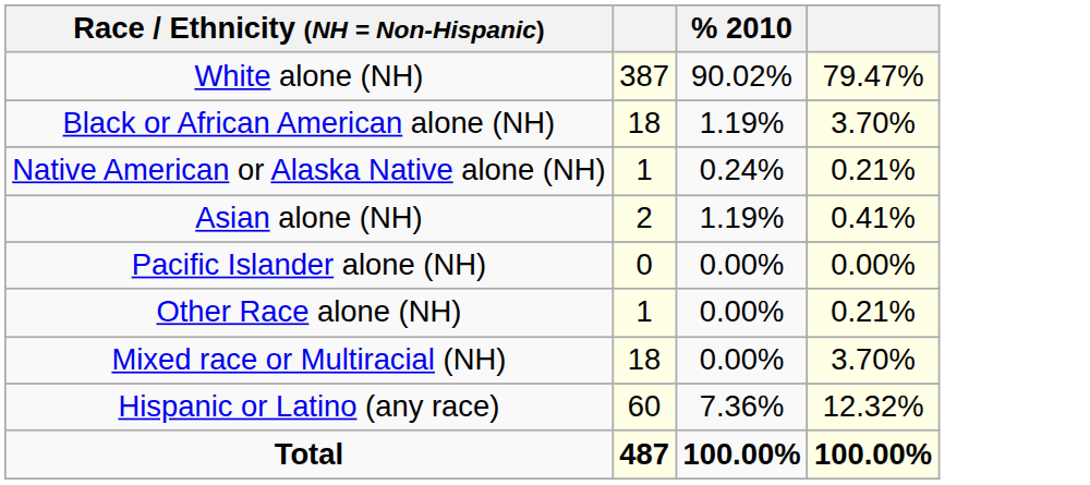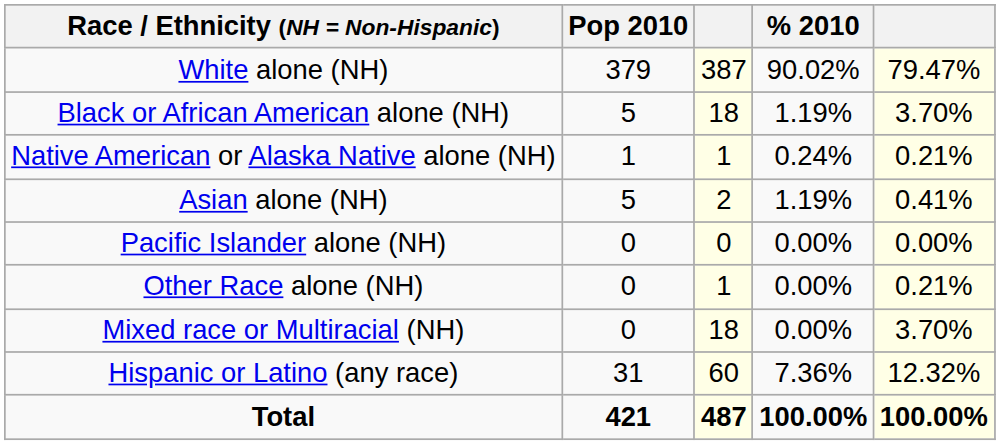 <table class="wikitable" style="text-align:center;">
 <tr>
 <th>Race / Ethnicity <small>(<em>NH = Non-Hispanic</em>)</small></th>
+<th>Pop 2010</th>
 <th></th>
 <th>% 2010</th>
 <th></th>
 </tr>
 <tr>
 <td><a href='#'>White</a> alone (NH)</td>
+<td>379</td>
 <td style='background: #ffffe6;'>387</td>
 <td>90.02%</td>
 <td style='background: #ffffe6;'>79.47%</td>
 </tr>
 <tr>
 <td><a href='#'>Black or African American</a> alone (NH)</td>
+<td>5</td>
 <td style='background: #ffffe6;'>18</td>
 <td>1.19%</td>
 <td style='background: #ffffe6;'>3.70%</td>
 </tr>
 <tr>
 <td><a href='#'>Native American</a> or <a href='#'>Alaska Native</a> alone (NH)</td>
+<td>1</td>
 <td style='background: #ffffe6;'>1</td>
 <td>0.24%</td>
 <td style='background: #ffffe6;'>0.21%</td>
 </tr>
 <tr>
 <td><a href='#'>Asian</a> alone (NH)</td>
+<td>5</td>
 <td style='background: #ffffe6;'>2</td>
 <td>1.19%</td>
 <td style='background: #ffffe6;'>0.41%</td>
 </tr>
 <tr>
 <td><a href='#'>Pacific Islander</a> alone (NH)</td>
+<td>0</td>
 <td style='background: #ffffe6;'>0</td>
 <td>0.00%</td>
 <td style='background: #ffffe6;'>0.00%</td>
 </tr>
 <tr>
 <td><a href='#'>Other Race</a> alone (NH)</td>
+<td>0</td>
 <td style='background: #ffffe6;'>1</td>
 <td>0.00%</td>
 <td style='background: #ffffe6;'>0.21%</td>
 </tr>
 <tr>
 <td><a href='#'>Mixed race or Multiracial</a> (NH)</td>
+<td>0</td>
 <td style='background: #ffffe6;'>18</td>
 <td>0.00%</td>
 <td style='background: #ffffe6;'>3.70%</td>
 </tr>
 <tr>
 <td><a href='#'>Hispanic or Latino</a> (any race)</td>
+<td>31</td>
 <td style='background: #ffffe6;'>60</td>
 <td>7.36%</td>
 <td style='background: #ffffe6;'>12.32%</td>
 </tr>
 <tr>
 <td><strong>Total</strong></td>
+<td><strong>421</strong></td>
 <td style='background: #ffffe6;'><strong>487</strong></td>
 <td><strong>100.00%</strong></td>
 <td style='background: #ffffe6;'><strong>100.00%</strong></td>
 </tr>
 </table>
